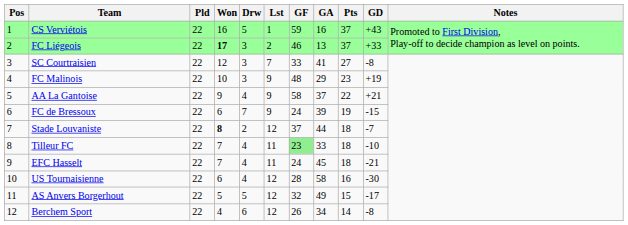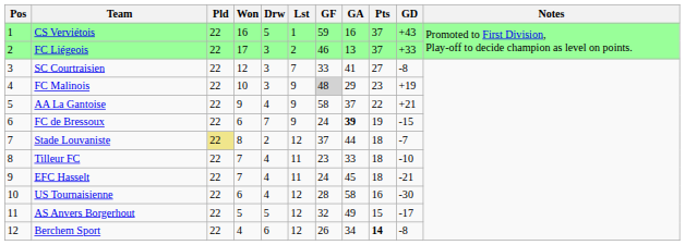 <table class="wikitable" width=70% style="font-size:90%">
 <tr>
 <th width=4%><strong>Pos</strong></th>
 <th width=26%><strong>Team</strong></th>
 <th width=4%><strong>Pld</strong></th>
 <th width=4%><strong>Won</strong></th>
 <th width=4%><strong>Drw</strong></th>
 <th width=4%><strong>Lst</strong></th>
 <th width=4%><strong>GF</strong></th>
 <th width=4%><strong>GA</strong></th>
 <th width=4%><strong>Pts</strong></th>
 <th width=4%><strong>GD</strong></th>
 <th width=38%><strong>Notes</strong></th>
 </tr>
 <tr bgcolor=#99ff99>
 <td>1</td>
 <td><a href='#'>CS Verviétois</a></td>
 <td>22</td>
 <td>16</td>
 <td>5</td>
 <td>1</td>
 <td>59</td>
 <td>16</td>
 <td>37</td>
 <td>+43</td>
 <td rowspan=2>Promoted to <a href='#'>First Division</a>,<br>Play-off to decide champion as level on points.</td>
 </tr>
 <tr bgcolor=#99ff99>
 <td>2</td>
 <td><a href='#'>FC Liégeois</a></td>
 <td>22</td>
-<td><strong>17</strong></td>
+<td>17</td>
 <td>3</td>
 <td>2</td>
 <td>46</td>
 <td>13</td>
 <td>37</td>
 <td>+33</td>
 </tr>
 <tr>
 <td>3</td>
 <td><a href='#'>SC Courtraisien</a></td>
 <td>22</td>
 <td>12</td>
 <td>3</td>
 <td>7</td>
 <td>33</td>
 <td>41</td>
 <td>27</td>
 <td>-8</td>
 </tr>
 <tr>
 <td>4</td>
 <td><a href='#'>FC Malinois</a></td>
 <td>22</td>
 <td>10</td>
 <td>3</td>
 <td>9</td>
-<td>48</td>
+<td style="background: lightgrey;">48</td>
 <td>29</td>
 <td>23</td>
 <td>+19</td>
 </tr>
 <tr>
 <td>5</td>
 <td><a href='#'>AA La Gantoise</a></td>
 <td>22</td>
 <td>9</td>
 <td>4</td>
 <td>9</td>
 <td>58</td>
 <td>37</td>
 <td>22</td>
 <td>+21</td>
 </tr>
 <tr>
 <td>6</td>
 <td><a href='#'>FC de Bressoux</a></td>
 <td>22</td>
 <td>6</td>
 <td>7</td>
 <td>9</td>
 <td>24</td>
-<td>39</td>
+<td><strong>39</strong></td>
 <td>19</td>
 <td>-15</td>
 </tr>
 <tr>
 <td>7</td>
 <td><a href='#'>Stade Louvaniste</a></td>
-<td>22</td>
-<td><strong>8</strong></td>
+<td style="background: khaki;">22</td>
+<td>8</td>
 <td>2</td>
 <td>12</td>
 <td>37</td>
 <td>44</td>
 <td>18</td>
 <td>-7</td>
 </tr>
 <tr>
 <td>8</td>
 <td><a href='#'>Tilleur FC</a></td>
 <td>22</td>
 <td>7</td>
 <td>4</td>
 <td>11</td>
-<td style="background: lightgreen;">23</td>
+<td>23</td>
 <td>33</td>
 <td>18</td>
 <td>-10</td>
 </tr>
 <tr>
 <td>9</td>
 <td><a href='#'>EFC Hasselt</a></td>
 <td>22</td>
 <td>7</td>
 <td>4</td>
 <td>11</td>
 <td>24</td>
 <td>45</td>
 <td>18</td>
 <td>-21</td>
 </tr>
 <tr>
 <td>10</td>
 <td><a href='#'>US Tournaisienne</a></td>
 <td>22</td>
 <td>6</td>
 <td>4</td>
 <td>12</td>
 <td>28</td>
 <td>58</td>
 <td>16</td>
 <td>-30</td>
 </tr>
 <tr>
 <td>11</td>
 <td><a href='#'>AS Anvers Borgerhout</a></td>
 <td>22</td>
 <td>5</td>
 <td>5</td>
 <td>12</td>
 <td>32</td>
 <td>49</td>
 <td>15</td>
 <td>-17</td>
 </tr>
 <tr>
 <td>12</td>
 <td><a href='#'>Berchem Sport</a></td>
 <td>22</td>
 <td>4</td>
 <td>6</td>
 <td>12</td>
 <td>26</td>
 <td>34</td>
-<td>14</td>
+<td><strong>14</strong></td>
 <td>-8</td>
 </tr>
 </table>
